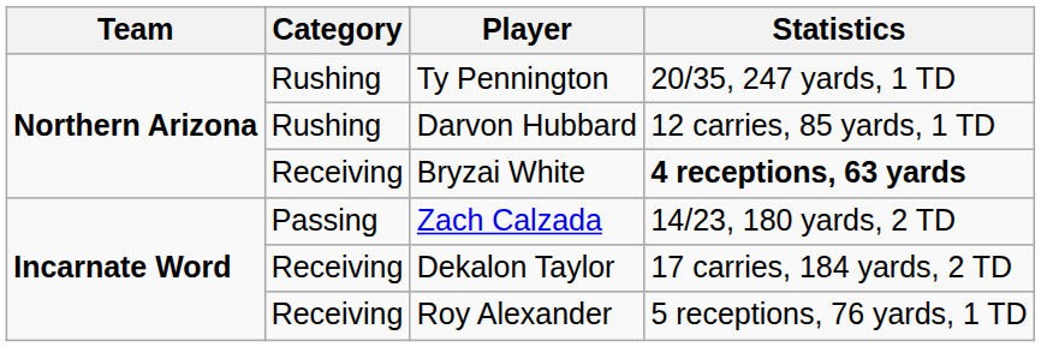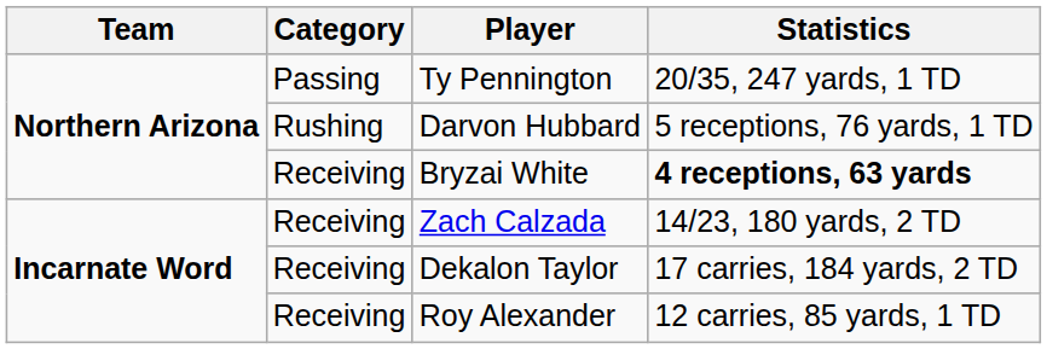 <table class="wikitable" style="float: right;">
 <tr>
 <th>Team</th>
 <th>Category</th>
 <th>Player</th>
 <th>Statistics</th>
 </tr>
 <tr>
 <td rowspan=3><strong>Northern Arizona</strong></td>
-<td>Rushing</td>
+<td>Passing</td>
 <td>Ty Pennington</td>
 <td>20/35, 247 yards, 1 TD</td>
 </tr>
 <tr>
 <td>Rushing</td>
 <td>Darvon Hubbard</td>
-<td>12 carries, 85 yards, 1 TD</td>
+<td>5 receptions, 76 yards, 1 TD</td>
 </tr>
 <tr>
 <td>Receiving</td>
 <td>Bryzai White</td>
 <td><strong>4 receptions, 63 yards</strong></td>
 </tr>
 <tr>
 <td rowspan=3><strong>Incarnate Word</strong></td>
-<td>Passing</td>
+<td>Receiving</td>
 <td><a href='#'>Zach Calzada</a></td>
 <td>14/23, 180 yards, 2 TD</td>
 </tr>
 <tr>
 <td>Receiving</td>
 <td>Dekalon Taylor</td>
 <td>17 carries, 184 yards, 2 TD</td>
 </tr>
 <tr>
 <td>Receiving</td>
 <td>Roy Alexander</td>
-<td>5 receptions, 76 yards, 1 TD</td>
+<td>12 carries, 85 yards, 1 TD</td>
 </tr>
 </table>
